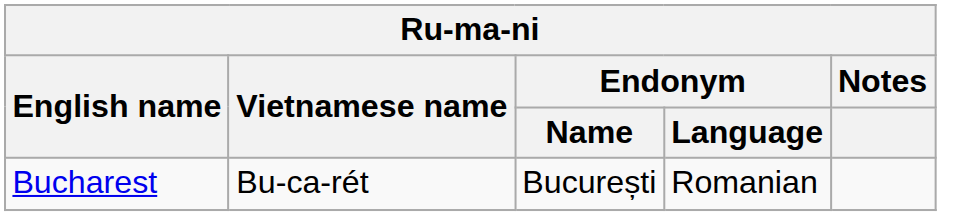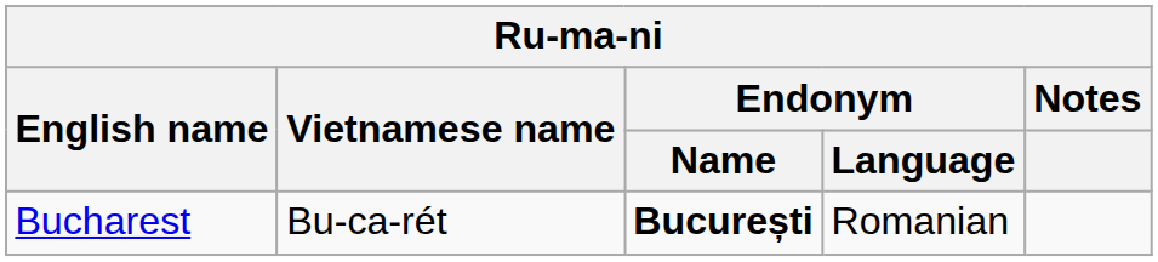 <table class="wikitable sortable">
 <tr>
 <th colspan="5"> Ru-ma-ni</th>
 </tr>
 <tr>
 <th rowspan="2">English name</th>
 <th rowspan="2">Vietnamese name</th>
 <th colspan="2">Endonym</th>
 <th>Notes</th>
 </tr>
 <tr>
 <th>Name</th>
 <th>Language</th>
 <th></th>
 </tr>
 <tr>
 <td><a href='#'>Bucharest</a></td>
 <td>Bu-ca-rét</td>
-<td>București</td>
+<td><strong>București</strong></td>
 <td>Romanian</td>
 </tr>
 </table>
